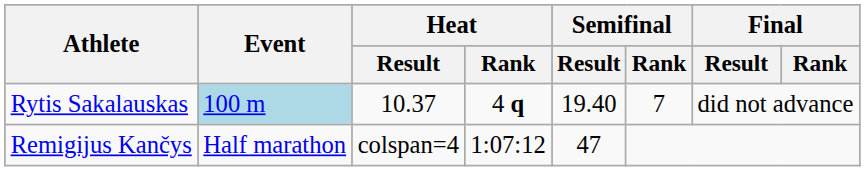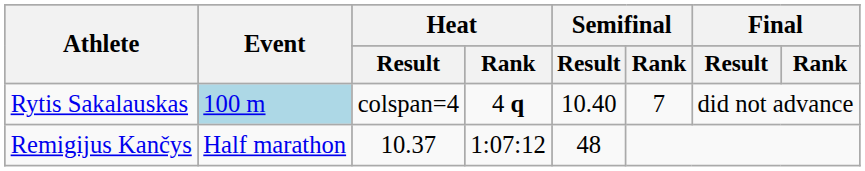 <table class="wikitable" style="font-size:90%">
 <tr>
 <th rowspan=2>Athlete</th>
 <th rowspan=2>Event</th>
 <th colspan=2>Heat</th>
 <th colspan=2>Semifinal</th>
 <th colspan=2>Final</th>
 </tr>
 <tr style="font-size:95%">
 <th>Result</th>
 <th>Rank</th>
 <th>Result</th>
 <th>Rank</th>
 <th>Result</th>
 <th>Rank</th>
 </tr>
 <tr align=center>
 <td align=left><a href='#'>Rytis Sakalauskas</a></td>
 <td style="background: lightblue; text-align:left;"><a href='#'>100 m</a></td>
-<td>10.37</td>
+<td>colspan=4 </td>
 <td>4 <strong>q</strong></td>
-<td>19.40</td>
+<td>10.40</td>
 <td>7</td>
 <td colspan=2>did not advance</td>
 </tr>
 <tr align=center>
 <td align=left><a href='#'>Remigijus Kančys</a></td>
 <td style="text-align:left;"><a href='#'>Half marathon</a></td>
-<td>colspan=4 </td>
+<td>10.37</td>
 <td>1:07:12</td>
-<td>47</td>
+<td>48</td>
 </tr>
 </table>
